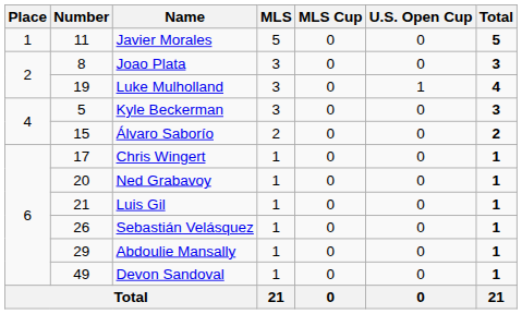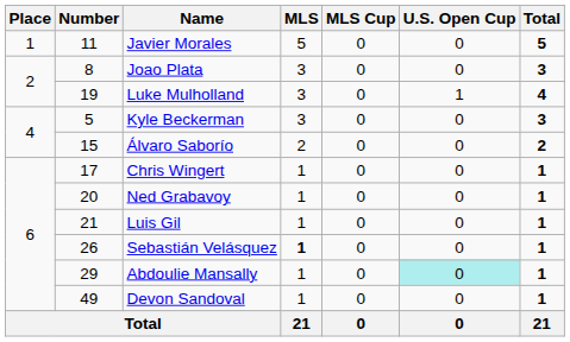 <table class="wikitable sortable" style="font-size: 95%; text-align: center;">
 <tr>
 <th>Place</th>
 <th>Number</th>
 <th>Name</th>
 <th>MLS</th>
 <th>MLS Cup</th>
 <th>U.S. Open Cup</th>
 <th><strong>Total</strong></th>
 </tr>
 <tr>
 <td rowspan="1">1</td>
 <td>11</td>
 <td align="left" data-sort-value="Morales"> <a href='#'>Javier Morales</a></td>
 <td>5</td>
 <td>0</td>
 <td>0</td>
 <td><strong>5</strong></td>
 </tr>
 <tr>
 <td rowspan="2">2</td>
 <td>8</td>
 <td align="left" data-sort-value="Plata"> <a href='#'>Joao Plata</a></td>
 <td>3</td>
 <td>0</td>
 <td>0</td>
 <td><strong>3</strong></td>
 </tr>
 <tr>
 <td>19</td>
 <td align="left" data-sort-value="Mulholland"> <a href='#'>Luke Mulholland</a></td>
 <td>3</td>
 <td>0</td>
 <td>1</td>
 <td><strong>4</strong></td>
 </tr>
 <tr>
 <td rowspan="2">4</td>
 <td>5</td>
 <td align="left" data-sort-value="Beckerman"> <a href='#'>Kyle Beckerman</a></td>
 <td>3</td>
 <td>0</td>
 <td>0</td>
 <td><strong>3</strong></td>
 </tr>
 <tr>
 <td>15</td>
 <td align="left" data-sort-value="Saborío"> <a href='#'>Álvaro Saborío</a></td>
 <td>2</td>
 <td>0</td>
 <td>0</td>
 <td><strong>2</strong></td>
 </tr>
 <tr>
 <td rowspan="6">6</td>
 <td>17</td>
 <td align="left" data-sort-value="Wingert"> <a href='#'>Chris Wingert</a></td>
 <td>1</td>
 <td>0</td>
 <td>0</td>
 <td><strong>1</strong></td>
 </tr>
 <tr>
 <td>20</td>
 <td align="left" data-sort-value="Grabavoy"> <a href='#'>Ned Grabavoy</a></td>
 <td>1</td>
 <td>0</td>
 <td>0</td>
 <td><strong>1</strong></td>
 </tr>
 <tr>
 <td>21</td>
 <td align="left" data-sort-value="Gil"> <a href='#'>Luis Gil</a></td>
 <td>1</td>
 <td>0</td>
 <td>0</td>
 <td><strong>1</strong></td>
 </tr>
 <tr>
 <td>26</td>
 <td align="left" data-sort-value="Velásquez"> <a href='#'>Sebastián Velásquez</a></td>
-<td>1</td>
+<td><strong>1</strong></td>
 <td>0</td>
 <td>0</td>
 <td><strong>1</strong></td>
 </tr>
 <tr>
 <td>29</td>
 <td align="left" data-sort-value="Mansally"> <a href='#'>Abdoulie Mansally</a></td>
 <td>1</td>
 <td>0</td>
-<td>0</td>
+<td style="background: paleturquoise;">0</td>
 <td><strong>1</strong></td>
 </tr>
 <tr>
 <td>49</td>
 <td align="left" data-sort-value="Sandoval"> <a href='#'>Devon Sandoval</a></td>
 <td>1</td>
 <td>0</td>
 <td>0</td>
 <td><strong>1</strong></td>
 </tr>
 <tr>
 <th colspan="3">Total</th>
 <th>21</th>
 <th>0</th>
 <th>0</th>
 <th>21</th>
 </tr>
 </table>
